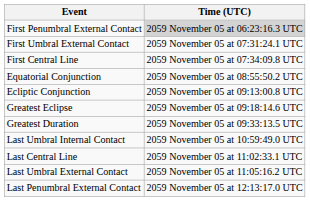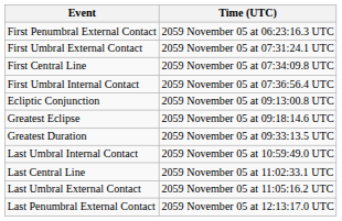 <table class="wikitable">
 <tr>
 <th>Event</th>
 <th>Time (UTC)</th>
 </tr>
 <tr>
 <td>First Penumbral External Contact</td>
-<td style="background: lightgrey;">2059 November 05 at 06:23:16.3 UTC</td>
+<td>2059 November 05 at 06:23:16.3 UTC</td>
 </tr>
 <tr>
 <td>First Umbral External Contact</td>
 <td>2059 November 05 at 07:31:24.1 UTC</td>
 </tr>
 <tr>
 <td>First Central Line</td>
 <td>2059 November 05 at 07:34:09.8 UTC</td>
 </tr>
 <tr>
-<td>Equatorial Conjunction</td>
-<td>2059 November 05 at 08:55:50.2 UTC</td>
+<td>First Umbral Internal Contact</td>
+<td>2059 November 05 at 07:36:56.4 UTC</td>
 </tr>
 <tr>
 <td>Ecliptic Conjunction</td>
 <td>2059 November 05 at 09:13:00.8 UTC</td>
 </tr>
 <tr>
 <td>Greatest Eclipse</td>
 <td>2059 November 05 at 09:18:14.6 UTC</td>
 </tr>
 <tr>
 <td>Greatest Duration</td>
 <td>2059 November 05 at 09:33:13.5 UTC</td>
 </tr>
 <tr>
 <td>Last Umbral Internal Contact</td>
 <td>2059 November 05 at 10:59:49.0 UTC</td>
 </tr>
 <tr>
 <td>Last Central Line</td>
 <td>2059 November 05 at 11:02:33.1 UTC</td>
 </tr>
 <tr>
 <td>Last Umbral External Contact</td>
 <td>2059 November 05 at 11:05:16.2 UTC</td>
 </tr>
 <tr>
 <td>Last Penumbral External Contact</td>
 <td>2059 November 05 at 12:13:17.0 UTC</td>
 </tr>
 </table>
